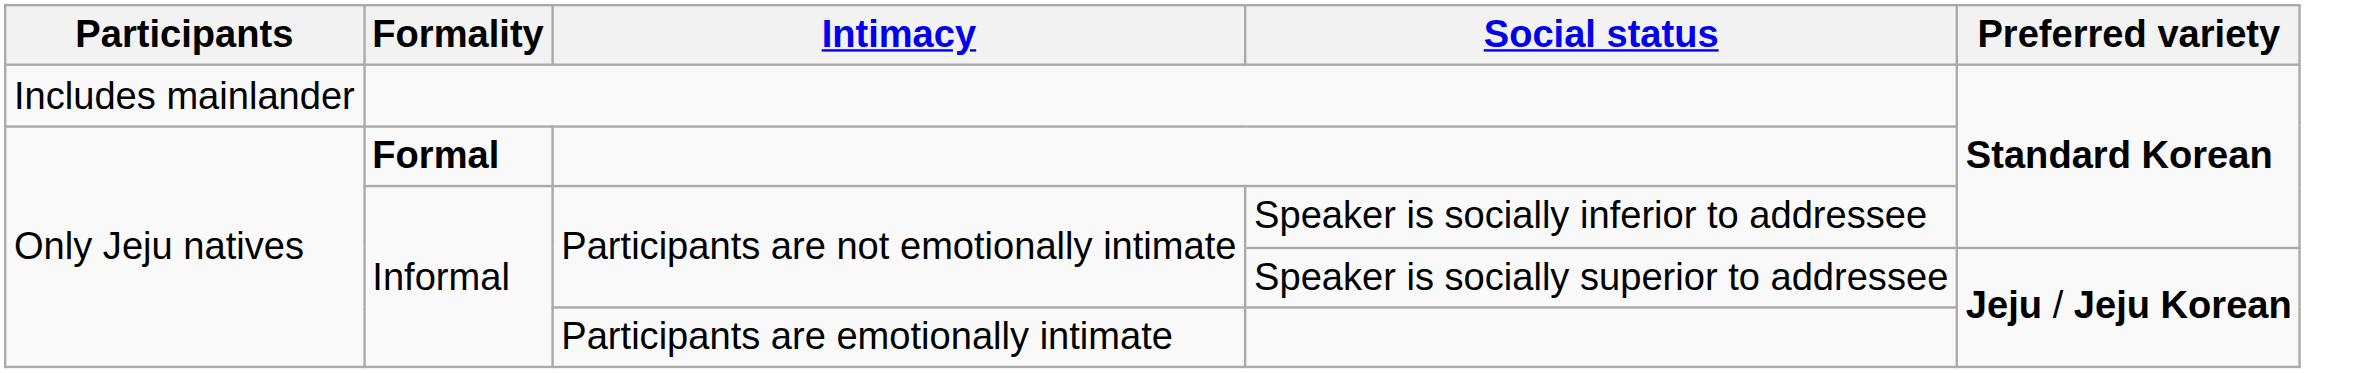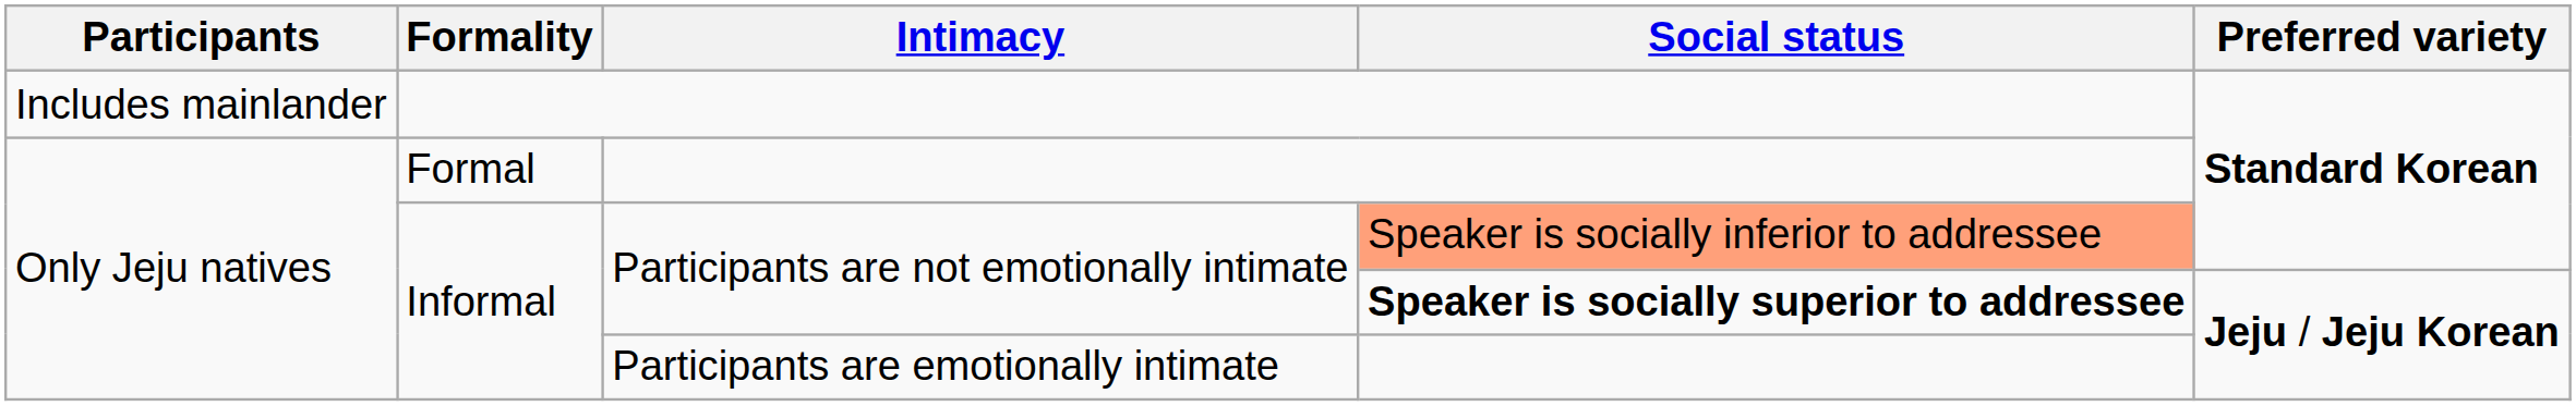 <table class="wikitable">
 <tr>
 <th>Participants</th>
 <th>Formality</th>
 <th><a href='#'>Intimacy</a></th>
 <th><a href='#'>Social status</a></th>
 <th>Preferred variety</th>
 </tr>
 <tr>
 <td>Includes mainlander</td>
 <td colspan="3"></td>
 <td rowspan="3"><strong>Standard Korean</strong></td>
 </tr>
 <tr>
 <td rowspan="4">Only Jeju natives</td>
-<td><strong>Formal</strong></td>
+<td>Formal</td>
 <td colspan="2"></td>
 </tr>
 <tr>
 <td rowspan="3">Informal</td>
 <td rowspan="2">Participants are not emotionally intimate</td>
-<td>Speaker is socially inferior to addressee</td>
+<td style="background: lightsalmon;">Speaker is socially inferior to addressee</td>
 </tr>
 <tr>
-<td>Speaker is socially superior to addressee</td>
+<td><strong>Speaker is socially superior to addressee</strong></td>
 <td rowspan="2"><strong>Jeju</strong> / <strong>Jeju Korean</strong></td>
 </tr>
 <tr>
 <td>Participants are emotionally intimate</td>
 <td></td>
 </tr>
 </table>
